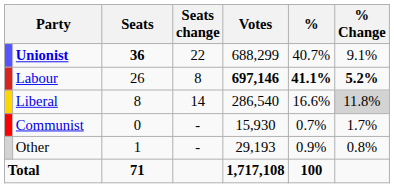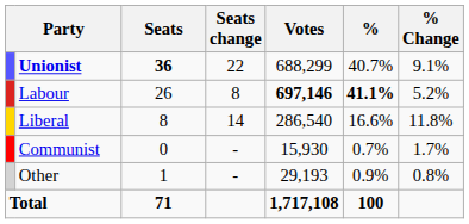 <table class="wikitable sortable">
 <tr>
 <th style="width:100px" colspan=2>Party</th>
 <th style="width:70px;">Seats</th>
 <th style="width:40px;">Seats change</th>
 <th style="width:40px;">Votes</th>
 <th style="width:40px;">%</th>
 <th style="width:40px;">% Change</th>
 </tr>
 <tr>
 <td bgcolor="#5555FF"></td>
 <td><strong><a href='#'>Unionist</a></strong></td>
 <td align=center><strong>36</strong></td>
 <td align=center>22</td>
 <td align=center>688,299</td>
 <td align=center>40.7%</td>
 <td align=center>9.1%</td>
 </tr>
 <tr>
 <td bgcolor="#DC241f"></td>
 <td><a href='#'>Labour</a></td>
 <td align=center>26</td>
 <td align=center>8</td>
 <td align=center><strong>697,146</strong></td>
 <td align=center><strong>41.1%</strong></td>
-<td align=center><strong>5.2%</strong></td>
+<td align=center>5.2%</td>
 </tr>
 <tr>
 <td bgcolor="#FFD700"></td>
 <td><a href='#'>Liberal</a></td>
 <td align=center>8</td>
 <td align=center>14</td>
 <td align=center>286,540</td>
 <td align=center>16.6%</td>
-<td align=center style="background: lightgrey;">11.8%</td>
+<td align=center>11.8%</td>
 </tr>
 <tr>
 <td bgcolor="#FF0000"></td>
 <td><a href='#'>Communist</a></td>
 <td align=center>0</td>
 <td align=center>-</td>
 <td align=center>15,930</td>
 <td align=center>0.7%</td>
 <td align=center>1.7%</td>
 </tr>
 <tr>
 <td bgcolor="#D3D3D3"></td>
 <td>Other</td>
 <td align="center">1</td>
 <td align="center">-</td>
 <td align="center">29,193</td>
 <td align="center">0.9%</td>
 <td align="center">0.8%</td>
 </tr>
 <tr>
 <td colspan=2><strong>Total</strong></td>
 <td align=center><strong>71</strong></td>
 <td align=center></td>
 <td align=center><strong>1,717,108</strong></td>
 <td align=center><strong>100</strong></td>
 <td align=center></td>
 </tr>
 </table>
